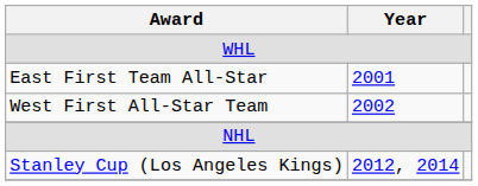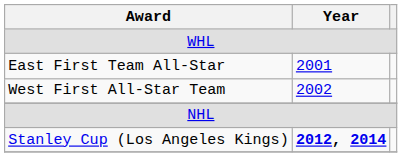 <table class="wikitable">
 <tr>
 <th>Award</th>
 <th>Year</th>
 <th></th>
 </tr>
 <tr ALIGN="center" bgcolor="#e0e0e0">
 <td colspan="3"><a href='#'>WHL</a></td>
 </tr>
 <tr>
 <td>East First Team All-Star</td>
 <td><a href='#'>2001</a></td>
 <td></td>
 </tr>
 <tr>
 <td>West First All-Star Team</td>
 <td><a href='#'>2002</a></td>
 <td></td>
 </tr>
 <tr>
 </tr>
 <tr ALIGN="center" bgcolor="#e0e0e0">
 <td colspan="3"><a href='#'>NHL</a></td>
 </tr>
 <tr>
 <td><a href='#'>Stanley Cup</a> (Los Angeles Kings)</td>
-<td><a href='#'>2012</a>,  <a href='#'>2014</a></td>
+<td><strong><a href='#'>2012</a>,  <a href='#'>2014</a></strong></td>
 <td></td>
 </tr>
 <tr>
 </tr>
 </table>
